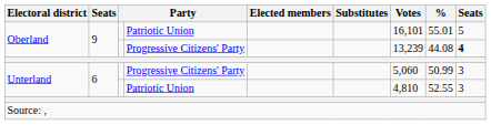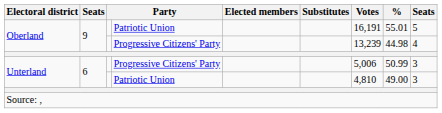 <table class="wikitable">
 <tr>
 <th>Electoral district</th>
 <th>Seats</th>
 <th colspan="2">Party</th>
 <th>Elected members</th>
 <th>Substitutes</th>
 <th>Votes</th>
 <th>%</th>
 <th>Seats</th>
 </tr>
 <tr>
 <td rowspan="2"><a href='#'>Oberland</a></td>
 <td rowspan="2">9</td>
 <td></td>
 <td><a href='#'>Patriotic Union</a></td>
 <td></td>
 <td></td>
-<td>16,101</td>
+<td>16,191</td>
 <td>55.01</td>
 <td>5</td>
 </tr>
 <tr>
 <td></td>
 <td><a href='#'>Progressive Citizens' Party</a></td>
 <td></td>
 <td></td>
 <td>13,239</td>
-<td>44.08</td>
-<td><strong>4</strong></td>
+<td>44.98</td>
+<td>4</td>
 </tr>
 <tr>
 <th colspan="9"></th>
 </tr>
 <tr>
 <td rowspan="2"><a href='#'>Unterland</a></td>
 <td rowspan="2">6</td>
 <td></td>
 <td><a href='#'>Progressive Citizens' Party</a></td>
 <td></td>
 <td></td>
-<td>5,060</td>
+<td>5,006</td>
 <td>50.99</td>
 <td>3</td>
 </tr>
 <tr>
 <td></td>
 <td><a href='#'>Patriotic Union</a></td>
 <td></td>
 <td></td>
 <td>4,810</td>
-<td>52.55</td>
+<td>49.00</td>
 <td>3</td>
 </tr>
 <tr>
 <th colspan="9"></th>
 </tr>
 <tr>
 <td colspan="9">Source: , </td>
 </tr>
 </table>
